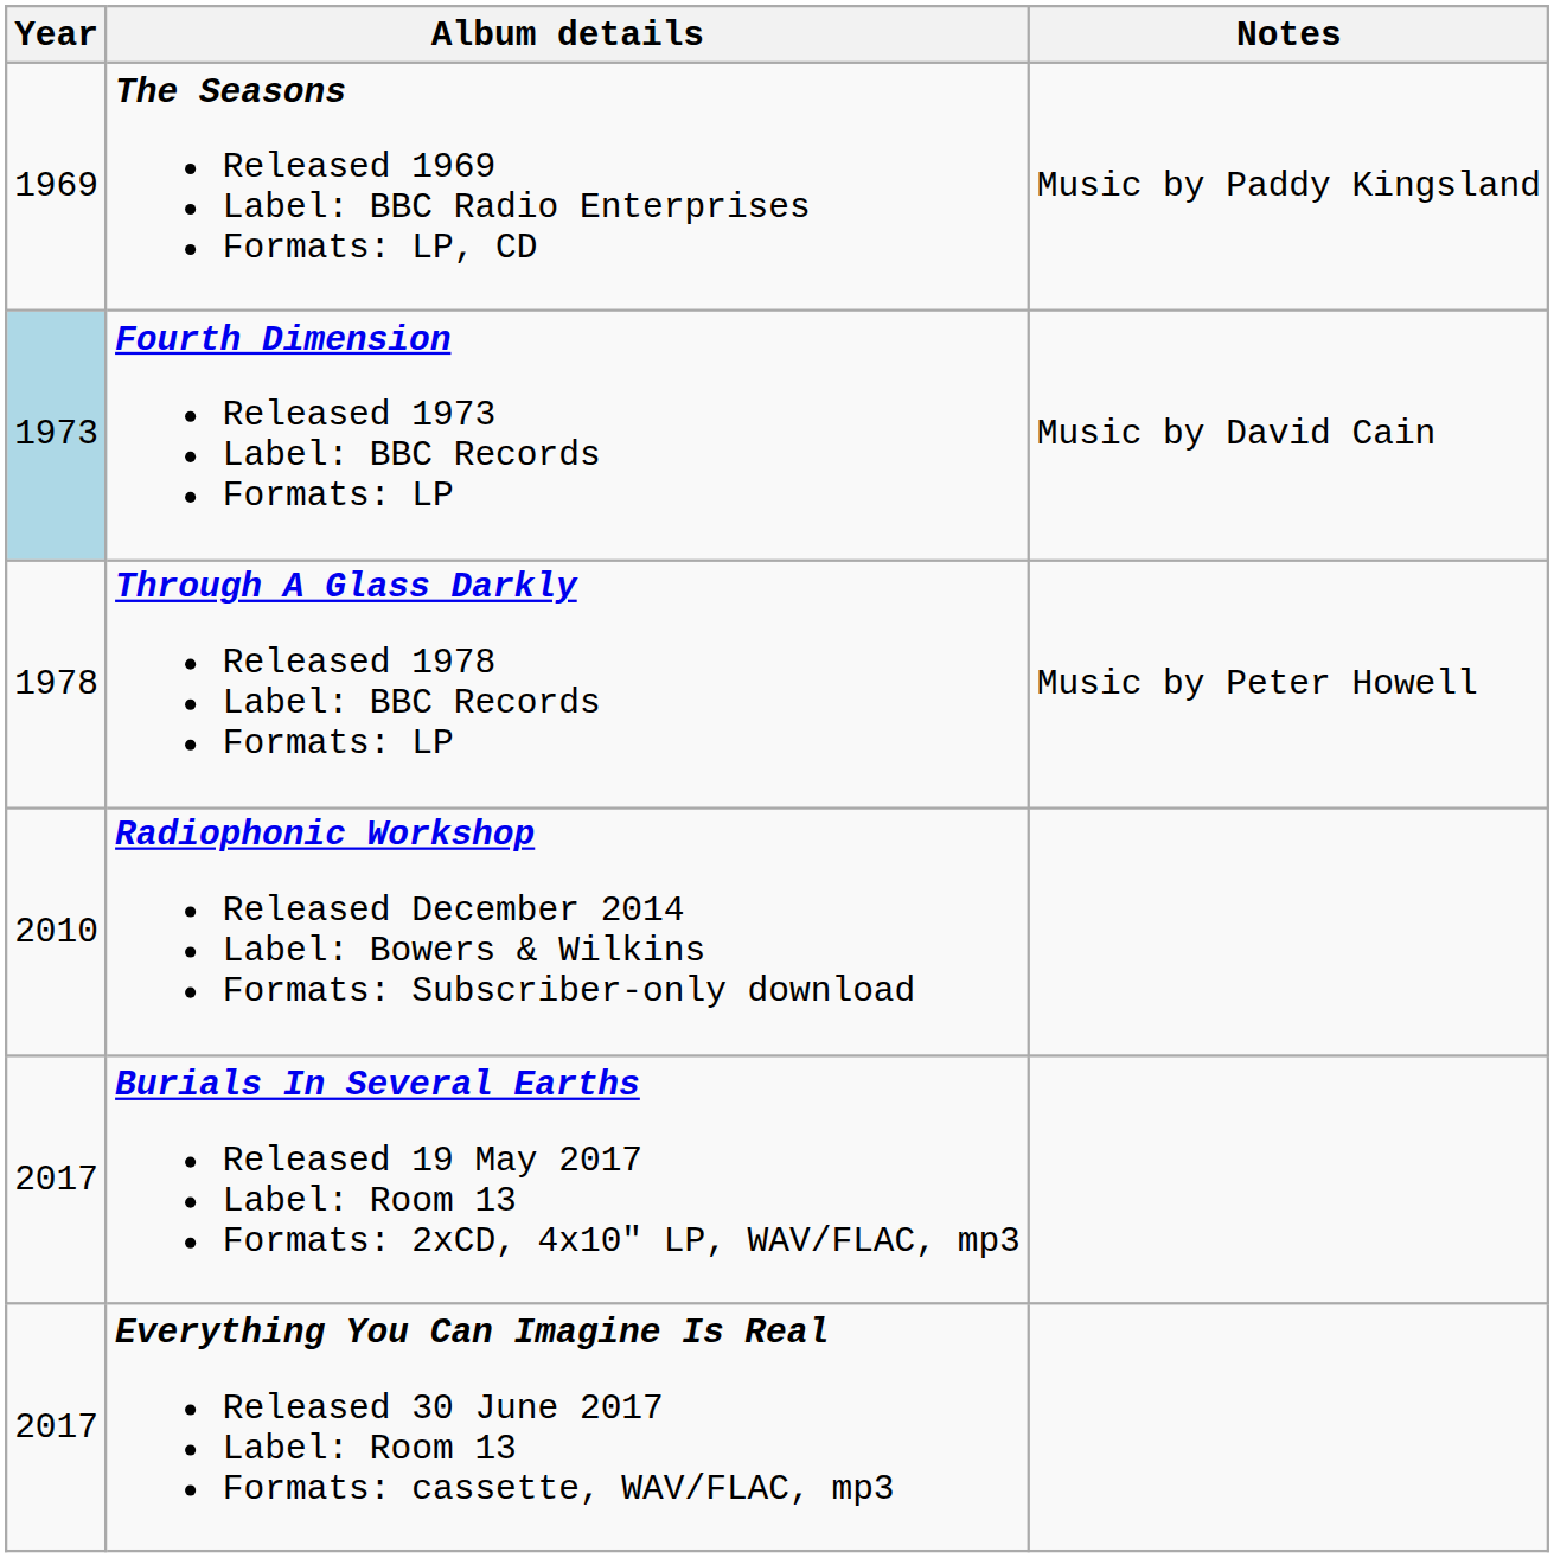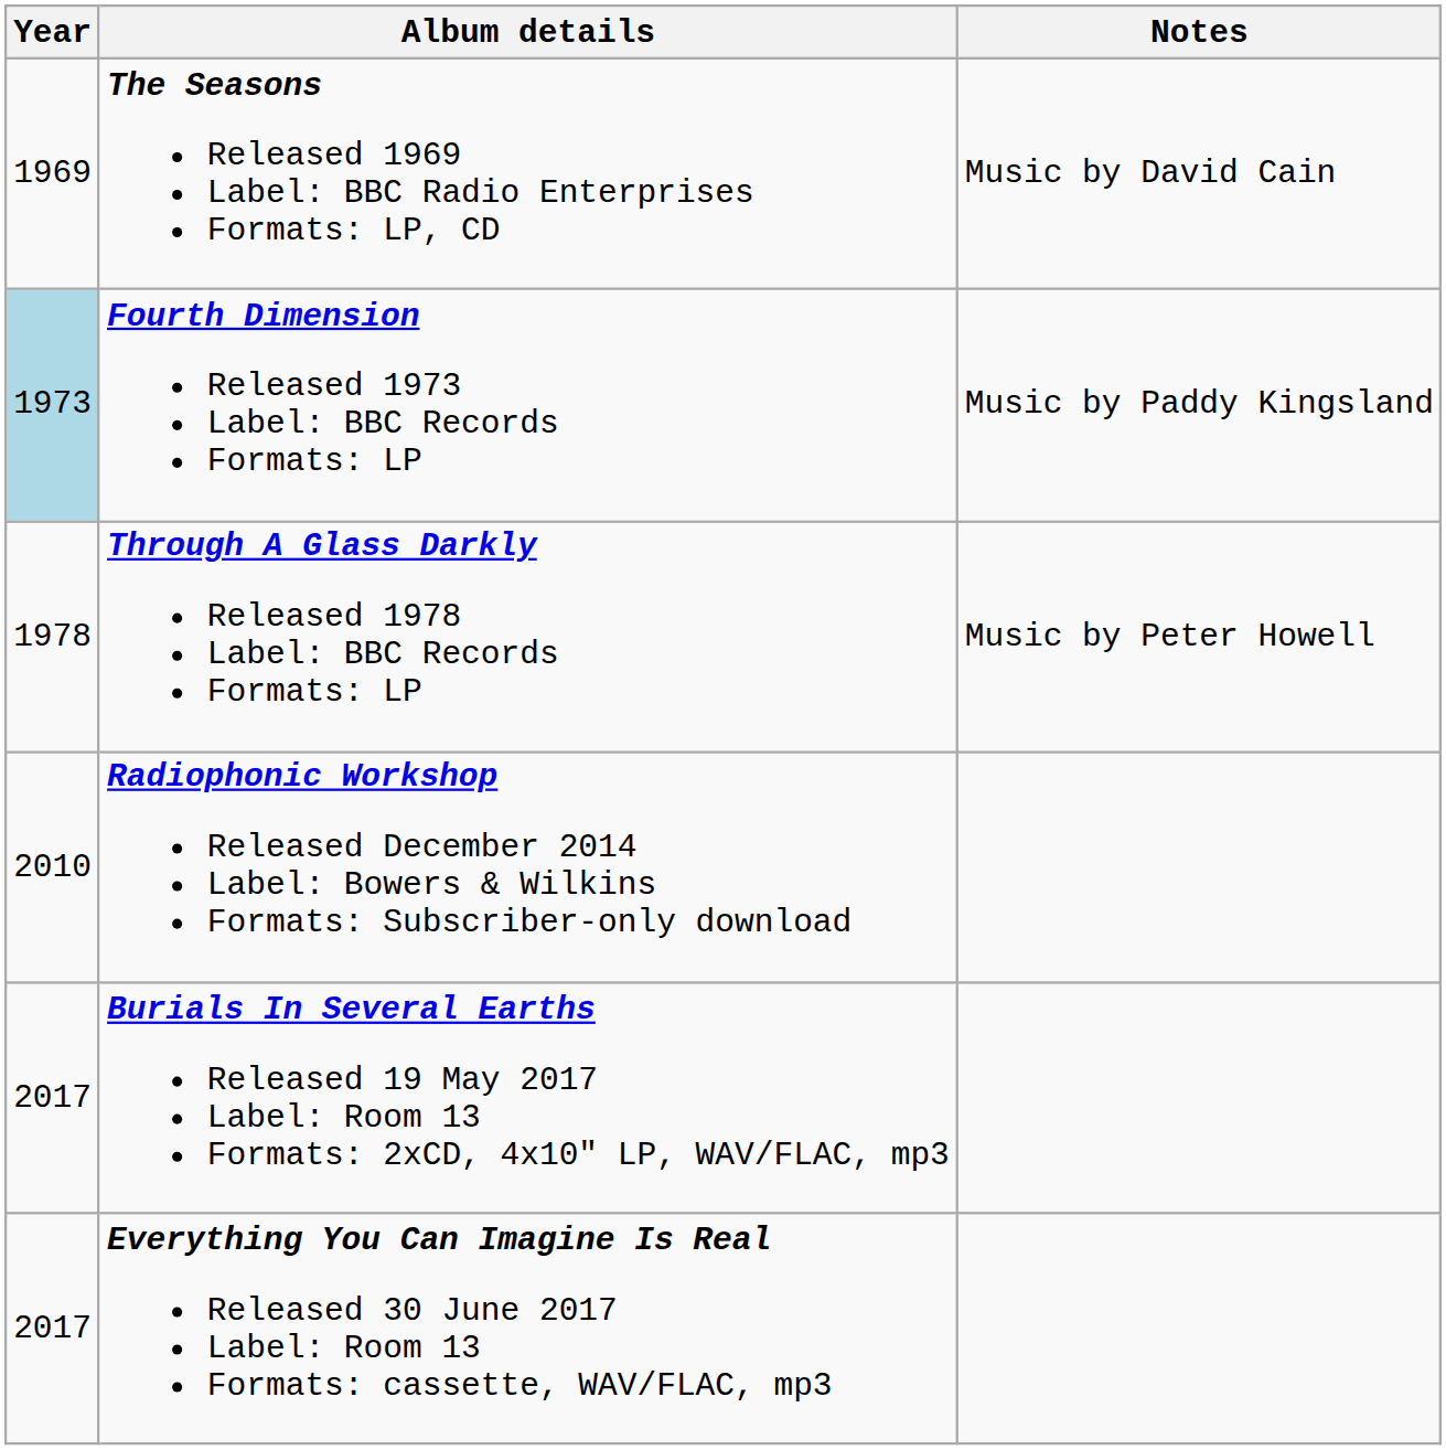 <table class="wikitable">
 <tr>
 <th>Year</th>
 <th>Album details</th>
 <th>Notes</th>
 </tr>
 <tr>
 <td>1969</td>
 <td><strong><em>The Seasons</em></strong><br><ul><li>Released 1969</li><li>Label: BBC Radio Enterprises </li><li>Formats: LP, CD</li></ul></td>
-<td>Music by Paddy Kingsland</td>
+<td>Music by David Cain</td>
 </tr>
 <tr>
 <td style="background: lightblue;">1973</td>
 <td><strong><em><a href='#'>Fourth Dimension</a></em></strong><br><ul><li>Released 1973</li><li>Label: BBC Records </li><li>Formats: LP</li></ul></td>
-<td>Music by David Cain</td>
+<td>Music by Paddy Kingsland</td>
 </tr>
 <tr>
 <td>1978</td>
 <td><strong><em><a href='#'>Through A Glass Darkly</a></em></strong><br><ul><li>Released 1978</li><li>Label: BBC Records </li><li>Formats: LP</li></ul></td>
 <td>Music by Peter Howell</td>
 </tr>
 <tr>
 <td>2010</td>
 <td><strong><em><a href='#'>Radiophonic Workshop</a></em></strong><br><ul><li>Released December 2014</li><li>Label: Bowers & Wilkins </li><li>Formats: Subscriber-only download</li></ul></td>
 <td></td>
 </tr>
 <tr>
 <td>2017</td>
 <td><strong><em><a href='#'>Burials In Several Earths</a></em></strong><br><ul><li>Released 19 May 2017</li><li>Label: Room 13 </li><li>Formats: 2xCD, 4x10" LP, WAV/FLAC, mp3</li></ul></td>
 <td></td>
 </tr>
 <tr>
 <td>2017</td>
 <td><strong><em>Everything You Can Imagine Is Real</em></strong><br><ul><li>Released 30 June 2017</li><li>Label: Room 13 </li><li>Formats: cassette, WAV/FLAC, mp3</li></ul></td>
 <td></td>
 </tr>
 </table>
